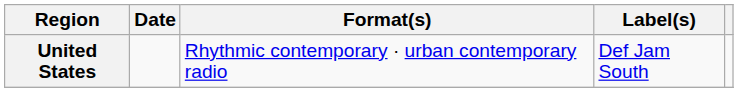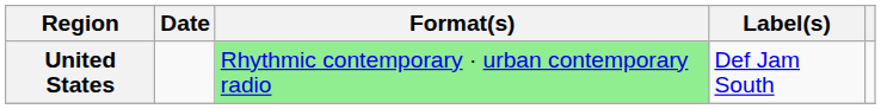 <table class="wikitable plainrowheaders" style="text-align:left">
 <tr>
 <th scope="col">Region</th>
 <th scope="col">Date</th>
 <th scope="col">Format(s)</th>
 <th scope="col">Label(s)</th>
 <th scope="col"></th>
 </tr>
 <tr>
 <th scope="row">United States</th>
 <td></td>
-<td><a href='#'>Rhythmic contemporary</a> · <a href='#'>urban contemporary radio</a></td>
+<td style="background: lightgreen;"><a href='#'>Rhythmic contemporary</a> · <a href='#'>urban contemporary radio</a></td>
 <td><a href='#'>Def Jam South</a></td>
 <td></td>
 </tr>
 <tr>
 </tr>
 </table>
